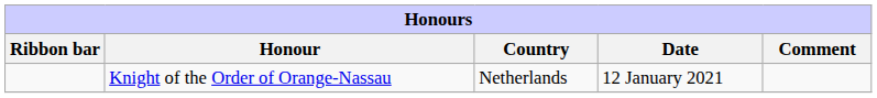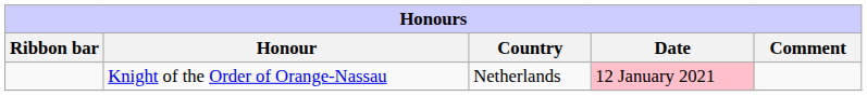 <table class="wikitable" style="width:60%;">
 <tr style="background:#ccf; text-align:center;">
 <td colspan=5><strong>Honours</strong></td>
 </tr>
 <tr>
 <th style="width:80px;">Ribbon bar</th>
 <th>Honour</th>
 <th>Country</th>
 <th>Date</th>
 <th>Comment</th>
 </tr>
 <tr>
 <td></td>
 <td><a href='#'>Knight</a> of the <a href='#'>Order of Orange-Nassau</a></td>
 <td>Netherlands</td>
-<td>12 January 2021</td>
+<td style="background: pink;">12 January 2021</td>
 <td></td>
 </tr>
 <tr>
 </tr>
 </table>
